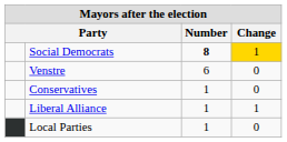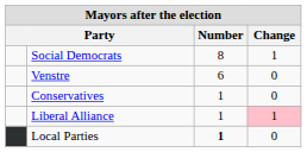 <table class="wikitable" style="">
 <tr>
 <td colspan="4" style="background:#dddddd; text-align:center;"><strong>Mayors after the election</strong></td>
 </tr>
 <tr>
 <th colspan="2">Party</th>
 <th style="width:60px;">Number</th>
 <th style="width:60px;">Change</th>
 </tr>
 <tr>
 <td style="background:"></td>
 <td style="padding-left:5px;"><a href='#'>Social Democrats</a></td>
-<td style="text-align:center;"><strong>8</strong></td>
-<td style="background: gold; text-align:center;"> 1</td>
+<td style="text-align:center;">8</td>
+<td style="text-align:center;"> 1</td>
 </tr>
 <tr>
 <td style="width:20px; background:"></td>
 <td style="width:200px; padding-left:5px;"><a href='#'>Venstre</a></td>
 <td style="text-align:center;">6</td>
 <td style="text-align:center;"> 0</td>
 </tr>
 <tr>
 <td style="background:"></td>
 <td style="padding-left:5px;"><a href='#'>Conservatives</a></td>
 <td style="text-align:center;">1</td>
 <td style="text-align:center;"> 0</td>
 </tr>
 <tr>
 <td style="background:"></td>
 <td style="padding-left:5px;"><a href='#'>Liberal Alliance</a></td>
 <td style="text-align:center;">1</td>
-<td style="text-align:center;"> 1</td>
+<td style="background: pink; text-align:center;"> 1</td>
 </tr>
 <tr>
 <td style="background:#2c3030;"></td>
 <td style="padding-left:5px;">Local Parties</td>
-<td style="text-align:center;">1</td>
+<td style="text-align:center;"><strong>1</strong></td>
 <td style="text-align:center;"> 0</td>
 </tr>
 </table>
